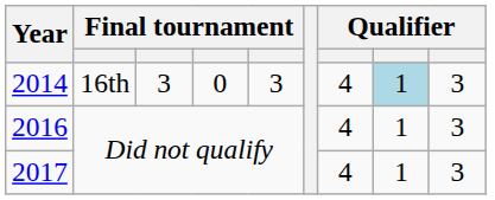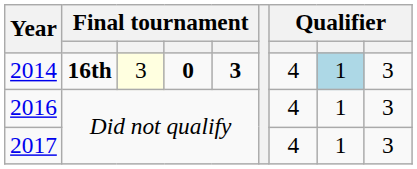 <table class="wikitable" style="text-align: center; font-size=85%">
 <tr>
 <th rowspan=2>Year</th>
 <th colspan=4>Final tournament</th>
 <th rowspan=5></th>
 <th colspan=3>Qualifier</th>
 </tr>
 <tr>
 <th></th>
 <th width=25px></th>
 <th width=25px></th>
 <th width=25px></th>
 <th width=25px></th>
 <th width=25px></th>
 <th width=25px></th>
 </tr>
 <tr>
 <td> <a href='#'>2014</a></td>
-<td>16th</td>
-<td>3</td>
-<td>0</td>
-<td>3</td>
+<td><strong>16th</strong></td>
+<td style="background: lightyellow;">3</td>
+<td><strong>0</strong></td>
+<td><strong>3</strong></td>
 <td>4</td>
 <td style="background: lightblue;">1</td>
 <td>3</td>
 </tr>
 <tr>
 <td> <a href='#'>2016</a></td>
 <td rowspan=2 colspan=4><em>Did not qualify</em></td>
 <td>4</td>
 <td>1</td>
 <td>3</td>
 </tr>
 <tr>
 <td> <a href='#'>2017</a></td>
 <td>4</td>
 <td>1</td>
 <td>3</td>
 </tr>
 </table>
